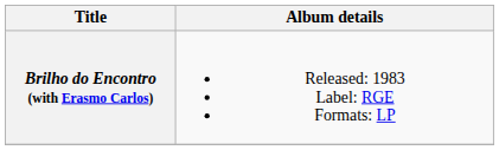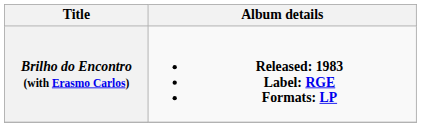 <table class="wikitable plainrowheaders" style="text-align:center;">
 <tr>
 <th scope="col" style="width:10em;">Title</th>
 <th scope="col" style="width:19em;">Album details</th>
 </tr>
 <tr>
 <th scope="row"><em>Brilho do Encontro</em> <small>(with <a href='#'>Erasmo Carlos</a>)</small></th>
-<td><br><ul><li>Released: 1983</li><li>Label: <a href='#'>RGE</a></li><li>Formats: <a href='#'>LP</a></li></ul></td>
+<td><strong><br><ul><li>Released: 1983</li><li>Label: <a href='#'>RGE</a></li><li>Formats: <a href='#'>LP</a></li></ul></strong></td>
 </tr>
 <tr>
 </tr>
 </table>
